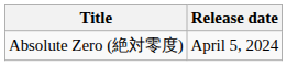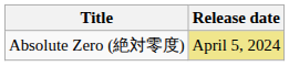 <table class="wikitable">
 <tr>
 <th>Title</th>
 <th>Release date</th>
 </tr>
 <tr>
 <td>Absolute Zero (絶対零度)</td>
-<td>April 5, 2024</td>
+<td style="background: khaki;">April 5, 2024</td>
 </tr>
 </table>
